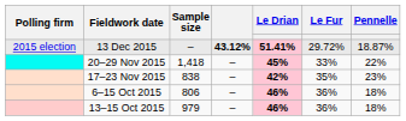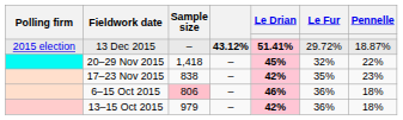 <table class="wikitable sortable" style="text-align:center;font-size:90%;line-height:14px;">
 <tr style="height:40px;">
 <th style="width:100px;" rowspan="2">Polling firm</th>
 <th style="width:110px;" rowspan="2">Fieldwork date</th>
 <th style="width:35px;" rowspan="2">Sample<br>size</th>
 <th style="width:30px;" rowspan="2"></th>
 <th class="unsortable" style="width:60px;"><a href='#'>Le Drian</a><br></th>
 <th class="unsortable" style="width:60px;"><a href='#'>Le Fur</a><br></th>
 <th class="unsortable" style="width:60px;"><a href='#'>Pennelle</a><br></th>
 </tr>
 <tr>
 <th style="background:"></th>
 <th style="background:"></th>
 <th style="background:"></th>
 </tr>
 <tr style="background:#E9E9E9;">
 <td><a href='#'>2015 election</a></td>
 <td data-sort-value="2015-12-13">13 Dec 2015</td>
 <td>–</td>
 <td><strong>43.12%</strong></td>
 <td style="background:#FFC6D5;"><strong>51.41%</strong></td>
 <td>29.72%</td>
 <td>18.87%</td>
 </tr>
 <tr>
 <td style="background:#04FBF4;"></td>
 <td data-sort-value="2015-11-29">20–29 Nov 2015</td>
 <td>1,418</td>
 <td>–</td>
 <td style="background:#FFC6D5;"><strong>45%</strong></td>
-<td>33%</td>
+<td>32%</td>
 <td>22%</td>
 </tr>
 <tr>
 <td style="background:#FFDFCC;"></td>
 <td data-sort-value="2015-11-23">17–23 Nov 2015</td>
 <td>838</td>
 <td>–</td>
 <td style="background:#FFC6D5;"><strong>42%</strong></td>
 <td>35%</td>
 <td>23%</td>
 </tr>
 <tr>
 <td style="background:#FFDFCC;"></td>
 <td data-sort-value="2015-10-15">6–15 Oct 2015</td>
-<td>806</td>
+<td style="background: pink;">806</td>
 <td>–</td>
 <td style="background:#FFC6D5;"><strong>46%</strong></td>
 <td>36%</td>
 <td>18%</td>
 </tr>
 <tr>
 <td style="background:#FFCCCC;"></td>
 <td data-sort-value="2015-10-15">13–15 Oct 2015</td>
 <td>979</td>
 <td>–</td>
-<td style="background:#FFC6D5;"><strong>46%</strong></td>
+<td style="background:#FFC6D5;"><strong>42%</strong></td>
 <td>36%</td>
 <td>18%</td>
 </tr>
 </table>
